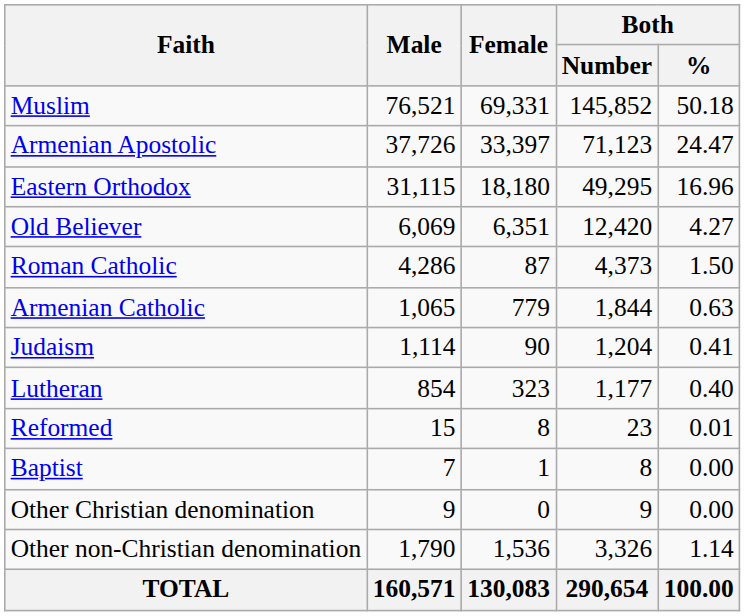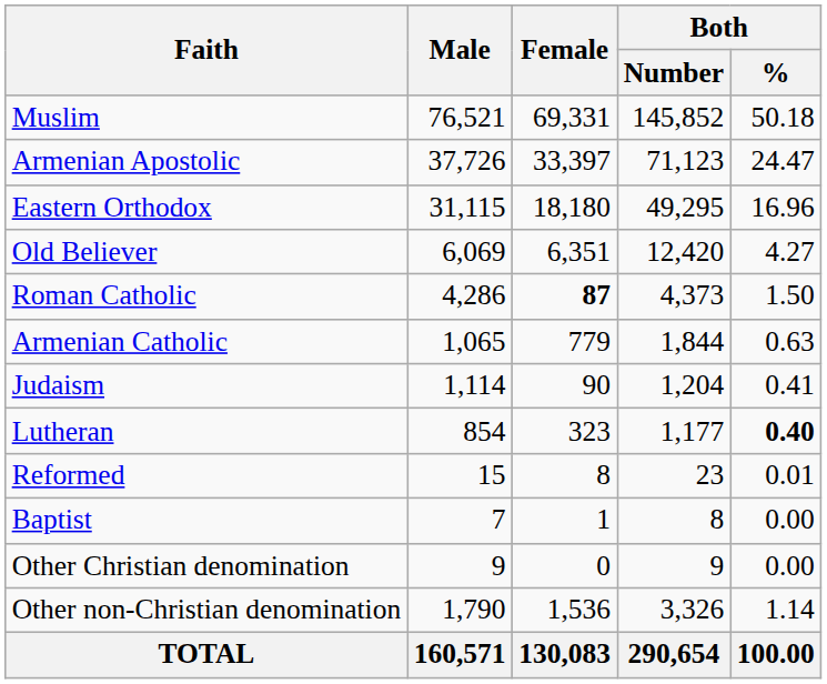 <table class="wikitable sortable">
 <tr>
 <th rowspan="2">Faith</th>
 <th rowspan="2">Male</th>
 <th rowspan="2">Female</th>
 <th colspan="2">Both</th>
 </tr>
 <tr>
 <th>Number</th>
 <th>%</th>
 </tr>
 <tr>
 <td><a href='#'>Muslim</a></td>
 <td align="right">76,521</td>
 <td align="right">69,331</td>
 <td align="right">145,852</td>
 <td align="right">50.18</td>
 </tr>
 <tr>
 <td><a href='#'>Armenian Apostolic</a></td>
 <td align="right">37,726</td>
 <td align="right">33,397</td>
 <td align="right">71,123</td>
 <td align="right">24.47</td>
 </tr>
 <tr>
 <td><a href='#'>Eastern Orthodox</a></td>
 <td align="right">31,115</td>
 <td align="right">18,180</td>
 <td align="right">49,295</td>
 <td align="right">16.96</td>
 </tr>
 <tr>
 <td><a href='#'>Old Believer</a></td>
 <td align="right">6,069</td>
 <td align="right">6,351</td>
 <td align="right">12,420</td>
 <td align="right">4.27</td>
 </tr>
 <tr>
 <td><a href='#'>Roman Catholic</a></td>
 <td align="right">4,286</td>
-<td align="right">87</td>
+<td align="right"><strong>87</strong></td>
 <td align="right">4,373</td>
 <td align="right">1.50</td>
 </tr>
 <tr>
 <td><a href='#'>Armenian Catholic</a></td>
 <td align="right">1,065</td>
 <td align="right">779</td>
 <td align="right">1,844</td>
 <td align="right">0.63</td>
 </tr>
 <tr>
 <td><a href='#'>Judaism</a></td>
 <td align="right">1,114</td>
 <td align="right">90</td>
 <td align="right">1,204</td>
 <td align="right">0.41</td>
 </tr>
 <tr>
 <td><a href='#'>Lutheran</a></td>
 <td align="right">854</td>
 <td align="right">323</td>
 <td align="right">1,177</td>
-<td align="right">0.40</td>
+<td align="right"><strong>0.40</strong></td>
 </tr>
 <tr>
 <td><a href='#'>Reformed</a></td>
 <td align="right">15</td>
 <td align="right">8</td>
 <td align="right">23</td>
 <td align="right">0.01</td>
 </tr>
 <tr>
 <td><a href='#'>Baptist</a></td>
 <td align="right">7</td>
 <td align="right">1</td>
 <td align="right">8</td>
 <td align="right">0.00</td>
 </tr>
 <tr>
 <td>Other Christian denomination</td>
 <td align="right">9</td>
 <td align="right">0</td>
 <td align="right">9</td>
 <td align="right">0.00</td>
 </tr>
 <tr>
 <td>Other non-Christian denomination</td>
 <td align="right">1,790</td>
 <td align="right">1,536</td>
 <td align="right">3,326</td>
 <td align="right">1.14</td>
 </tr>
 <tr>
 <th>TOTAL</th>
 <th>160,571</th>
 <th>130,083</th>
 <th>290,654</th>
 <th>100.00</th>
 </tr>
 </table>
